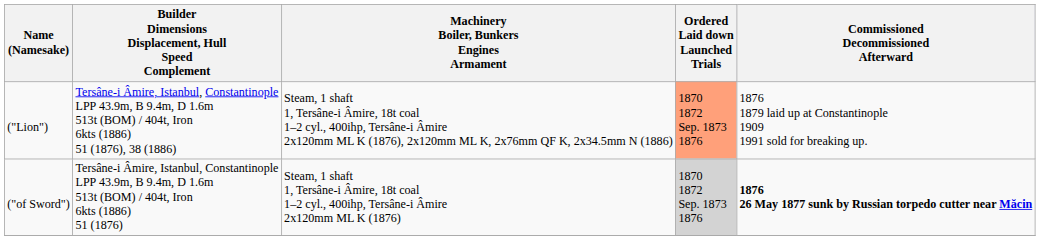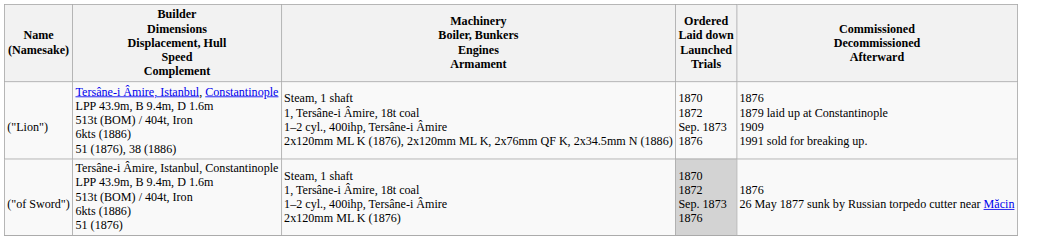 <table class="wikitable" style="font-size:90%;">
 <tr bgcolor="#e6e9ff">
 <th>Name<br>(Namesake)</th>
 <th>Builder<br>Dimensions<br>Displacement, Hull<br>Speed<br>Complement</th>
 <th>Machinery<br>Boiler, Bunkers<br>Engines<br>Armament</th>
 <th>Ordered<br>Laid down<br>Launched<br>Trials</th>
 <th>Commissioned<br>Decommissioned<br>Afterward</th>
 </tr>
 <tr ---->
 <td><br>("Lion")</td>
 <td> <a href='#'>Tersâne-i Âmire, Istanbul</a>, <a href='#'>Constantinople</a><br>LPP 43.9m, B 9.4m, D 1.6m<br>513t (BOM) / 404t, Iron<br>6kts (1886)<br>51 (1876), 38 (1886)</td>
 <td>Steam, 1 shaft<br>1, Tersâne-i Âmire, 18t coal<br>1–2 cyl., 400ihp, Tersâne-i Âmire<br>2x120mm ML K (1876), 2x120mm ML K, 2x76mm QF K, 2x34.5mm N (1886)</td>
-<td style="background: lightsalmon;">1870<br>1872<br>Sep. 1873<br>1876</td>
+<td>1870<br>1872<br>Sep. 1873<br>1876</td>
 <td>1876<br>1879 laid up at Constantinople<br>1909<br>1991 sold for breaking up.</td>
 </tr>
 <tr ---->
 <td><br>("of Sword")</td>
 <td> Tersâne-i Âmire, Istanbul, Constantinople<br>LPP 43.9m, B 9.4m, D 1.6m<br>513t (BOM) / 404t, Iron<br>6kts (1886)<br>51 (1876)</td>
 <td>Steam, 1 shaft<br>1, Tersâne-i Âmire, 18t coal<br>1–2 cyl., 400ihp, Tersâne-i Âmire<br>2x120mm ML K (1876)</td>
 <td style="background: lightgrey;">1870<br>1872<br>Sep. 1873<br>1876</td>
-<td><strong>1876<br>26 May 1877 sunk by Russian torpedo cutter near <a href='#'>Măcin</a></strong></td>
+<td>1876<br>26 May 1877 sunk by Russian torpedo cutter near <a href='#'>Măcin</a></td>
 </tr>
 <tr ---->
 </tr>
 </table>
